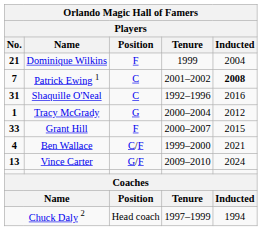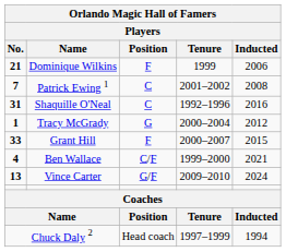 <table class="wikitable" style="text-align:center">
 <tr>
 <th colspan="5">Orlando Magic Hall of Famers</th>
 </tr>
 <tr>
 <th colspan="5" style="text-align:center; ">Players</th>
 </tr>
 <tr>
 <th>No.</th>
 <th>Name</th>
 <th>Position</th>
 <th>Tenure</th>
 <th>Inducted</th>
 </tr>
 <tr>
 <td><strong>21</strong></td>
 <td><a href='#'>Dominique Wilkins</a></td>
 <td><a href='#'>F</a></td>
 <td>1999</td>
-<td>2004</td>
+<td>2006</td>
 </tr>
 <tr>
 <td><strong>7</strong></td>
 <td><a href='#'>Patrick Ewing</a> <sup>1</sup></td>
 <td><a href='#'>C</a></td>
 <td>2001–2002</td>
-<td><strong>2008</strong></td>
+<td>2008</td>
 </tr>
 <tr>
 <td><strong>31</strong></td>
 <td><a href='#'>Shaquille O'Neal</a></td>
 <td><a href='#'>C</a></td>
 <td>1992–1996</td>
 <td>2016</td>
 </tr>
 <tr>
 <td><strong>1</strong></td>
 <td><a href='#'>Tracy McGrady</a></td>
 <td><a href='#'>G</a></td>
 <td>2000–2004</td>
 <td>2012</td>
 </tr>
 <tr>
 <td><strong>33</strong></td>
 <td><a href='#'>Grant Hill</a></td>
 <td><a href='#'>F</a></td>
 <td>2000–2007</td>
 <td>2015</td>
 </tr>
 <tr>
 <td><strong>4</strong></td>
 <td><a href='#'>Ben Wallace</a></td>
 <td><a href='#'>C</a>/<a href='#'>F</a></td>
 <td>1999–2000</td>
 <td>2021</td>
 </tr>
 <tr>
 <td><strong>13</strong></td>
 <td><a href='#'>Vince Carter</a></td>
 <td><a href='#'>G</a>/<a href='#'>F</a></td>
 <td>2009–2010</td>
 <td>2024</td>
 </tr>
 <tr>
 <td></td>
 <td></td>
 <td></td>
 <td></td>
 <td></td>
 </tr>
 <tr>
 <th colspan="5" style="text-align:center; ">Coaches</th>
 </tr>
 <tr>
 <th colspan="2">Name</th>
 <th>Position</th>
 <th>Tenure</th>
 <th>Inducted</th>
 </tr>
 <tr>
 <td colspan="2"><a href='#'>Chuck Daly</a> <sup>2</sup></td>
 <td>Head coach</td>
 <td>1997–1999</td>
 <td>1994</td>
 </tr>
 </table>
